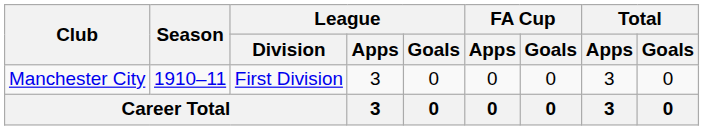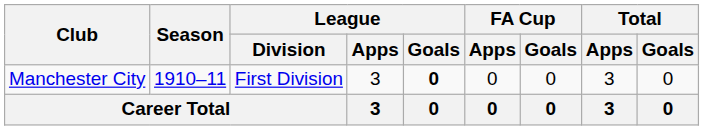 <table class="wikitable" style="text-align: center;">
 <tr>
 <th rowspan="2">Club</th>
 <th rowspan="2">Season</th>
 <th colspan="3">League</th>
 <th colspan="2">FA Cup</th>
 <th colspan="2">Total</th>
 </tr>
 <tr>
 <th>Division</th>
 <th>Apps</th>
 <th>Goals</th>
 <th>Apps</th>
 <th>Goals</th>
 <th>Apps</th>
 <th>Goals</th>
 </tr>
 <tr>
 <td><a href='#'>Manchester City</a></td>
 <td><a href='#'>1910–11</a></td>
 <td><a href='#'>First Division</a></td>
 <td>3</td>
-<td>0</td>
+<td><strong>0</strong></td>
 <td>0</td>
 <td>0</td>
 <td>3</td>
 <td>0</td>
 </tr>
 <tr>
 <th colspan="3">Career Total</th>
 <th>3</th>
 <th>0</th>
 <th>0</th>
 <th>0</th>
 <th>3</th>
 <th>0</th>
 </tr>
 </table>
